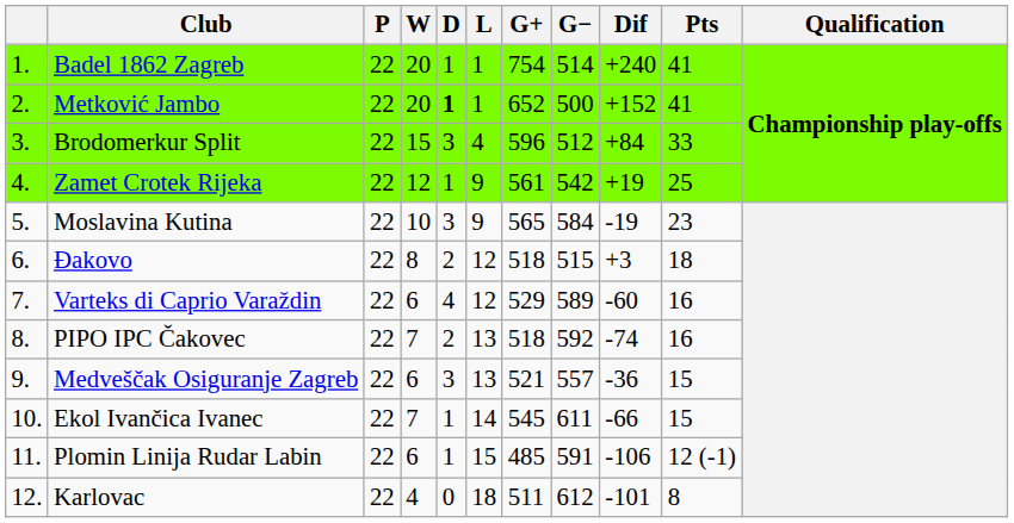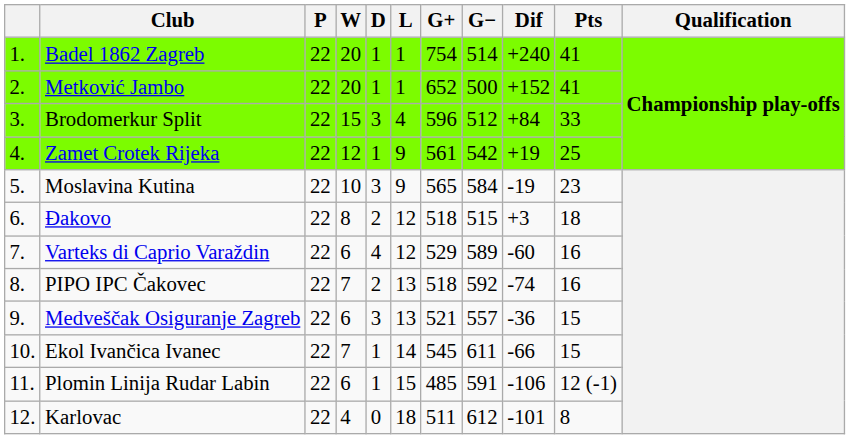 <table class="wikitable sortable">
 <tr>
 <th></th>
 <th>Club</th>
 <th>P</th>
 <th>W</th>
 <th>D</th>
 <th>L</th>
 <th>G+</th>
 <th>G−</th>
 <th>Dif</th>
 <th>Pts</th>
 <th>Qualification</th>
 </tr>
 <tr bgcolor="lawngreen">
 <td>1.</td>
 <td><a href='#'>Badel 1862 Zagreb</a></td>
 <td>22</td>
 <td>20</td>
 <td>1</td>
 <td>1</td>
 <td>754</td>
 <td>514</td>
 <td>+240</td>
 <td>41</td>
 <td rowspan="4"><strong>Championship play-offs</strong></td>
 </tr>
 <tr bgcolor="lawngreen">
 <td>2.</td>
 <td><a href='#'>Metković Jambo</a></td>
 <td>22</td>
 <td>20</td>
-<td><strong>1</strong></td>
+<td>1</td>
 <td>1</td>
 <td>652</td>
 <td>500</td>
 <td>+152</td>
 <td>41</td>
 </tr>
 <tr bgcolor="lawngreen">
 <td>3.</td>
 <td>Brodomerkur Split</td>
 <td>22</td>
 <td>15</td>
 <td>3</td>
 <td>4</td>
 <td>596</td>
 <td>512</td>
 <td>+84</td>
 <td>33</td>
 </tr>
 <tr bgcolor="lawngreen">
 <td>4.</td>
 <td><a href='#'>Zamet Crotek Rijeka</a></td>
 <td>22</td>
 <td>12</td>
 <td>1</td>
 <td>9</td>
 <td>561</td>
 <td>542</td>
 <td>+19</td>
 <td>25</td>
 </tr>
 <tr>
 <td>5.</td>
 <td>Moslavina Kutina</td>
 <td>22</td>
 <td>10</td>
 <td>3</td>
 <td>9</td>
 <td>565</td>
 <td>584</td>
 <td>-19</td>
 <td>23</td>
 <th rowspan="8"></th>
 </tr>
 <tr>
 <td>6.</td>
 <td><a href='#'>Đakovo</a></td>
 <td>22</td>
 <td>8</td>
 <td>2</td>
 <td>12</td>
 <td>518</td>
 <td>515</td>
 <td>+3</td>
 <td>18</td>
 </tr>
 <tr>
 <td>7.</td>
 <td><a href='#'>Varteks di Caprio Varaždin</a></td>
 <td>22</td>
 <td>6</td>
 <td>4</td>
 <td>12</td>
 <td>529</td>
 <td>589</td>
 <td>-60</td>
 <td>16</td>
 </tr>
 <tr>
 <td>8.</td>
 <td>PIPO IPC Čakovec</td>
 <td>22</td>
 <td>7</td>
 <td>2</td>
 <td>13</td>
 <td>518</td>
 <td>592</td>
 <td>-74</td>
 <td>16</td>
 </tr>
 <tr>
 <td>9.</td>
 <td><a href='#'>Medveščak Osiguranje Zagreb</a></td>
 <td>22</td>
 <td>6</td>
 <td>3</td>
 <td>13</td>
 <td>521</td>
 <td>557</td>
 <td>-36</td>
 <td>15</td>
 </tr>
 <tr>
 <td>10.</td>
 <td>Ekol Ivančica Ivanec</td>
 <td>22</td>
 <td>7</td>
 <td>1</td>
 <td>14</td>
 <td>545</td>
 <td>611</td>
 <td>-66</td>
 <td>15</td>
 </tr>
 <tr>
 <td>11.</td>
 <td>Plomin Linija Rudar Labin</td>
 <td>22</td>
 <td>6</td>
 <td>1</td>
 <td>15</td>
 <td>485</td>
 <td>591</td>
 <td>-106</td>
 <td>12 (-1)</td>
 </tr>
 <tr>
 <td>12.</td>
 <td>Karlovac</td>
 <td>22</td>
 <td>4</td>
 <td>0</td>
 <td>18</td>
 <td>511</td>
 <td>612</td>
 <td>-101</td>
 <td>8</td>
 </tr>
 </table>
